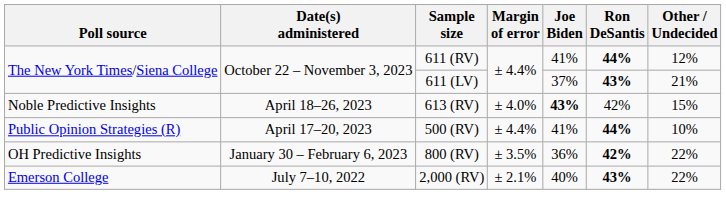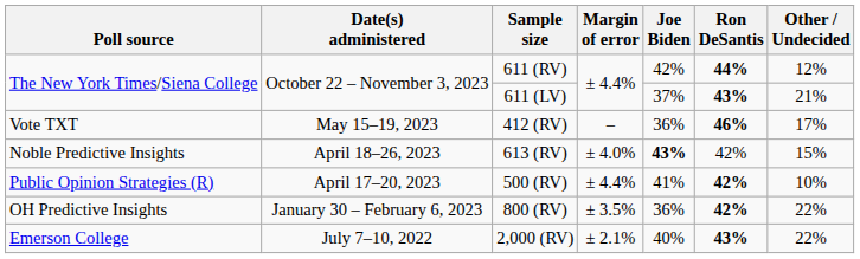 <table class="wikitable sortable mw-datatable" style="font-size:90%;text-align:center;line-height:17px">
 <tr valign=bottom>
 <th>Poll source</th>
 <th>Date(s)<br>administered</th>
 <th>Sample<br>size</th>
 <th>Margin<br>of error</th>
 <th class="unsortable">Joe<br>Biden<br></th>
 <th class="unsortable">Ron<br>DeSantis<br></th>
 <th class="unsortable">Other /<br>Undecided</th>
 </tr>
 <tr>
 <td style="text-align:left;" rowspan="2"><a href='#'>The New York Times</a>/<a href='#'>Siena College</a></td>
 <td rowspan="2">October 22 – November 3, 2023</td>
 <td>611 (RV)</td>
 <td rowspan="2">± 4.4%</td>
-<td>41%</td>
+<td>42%</td>
 <td style="background-color:"><strong>44%</strong></td>
 <td>12%</td>
 </tr>
 <tr>
 <td>611 (LV)</td>
 <td>37%</td>
 <td style="background-color:"><strong>43%</strong></td>
 <td>21%</td>
+</tr>
+<tr>
+<td style="text-align:left;">Vote TXT</td>
+<td>May 15–19, 2023</td>
+<td>412 (RV)</td>
+<td>–</td>
+<td>36%</td>
+<td style="background-color:"><strong>46%</strong></td>
+<td>17%</td>
 </tr>
 <tr>
 <td style="text-align:left;">Noble Predictive Insights</td>
 <td data-sort-value="2023-04-26">April 18–26, 2023</td>
 <td>613 (RV)</td>
 <td>± 4.0%</td>
 <td style="color:black;background-color:"><strong>43%</strong></td>
 <td>42%</td>
 <td>15%</td>
 </tr>
 <tr>
 <td style="text-align:left;"><a href='#'>Public Opinion Strategies (R)</a></td>
 <td data-sort-value="2023-04-20">April 17–20, 2023</td>
 <td>500 (RV)</td>
 <td>± 4.4%</td>
 <td>41%</td>
-<td style="background-color:"><strong>44%</strong></td>
+<td style="background-color:"><strong>42%</strong></td>
 <td>10%</td>
 </tr>
 <tr>
 <td style="text-align:left;">OH Predictive Insights</td>
 <td data-sort-value="2023-02-06">January 30 – February 6, 2023</td>
 <td>800 (RV)</td>
 <td>± 3.5%</td>
 <td>36%</td>
 <td style="background-color:"><strong>42%</strong></td>
 <td>22%</td>
 </tr>
 <tr>
 <td style="text-align:left;"><a href='#'>Emerson College</a></td>
 <td data-sort-value="2022-07-10">July 7–10, 2022</td>
 <td>2,000 (RV)</td>
 <td>± 2.1%</td>
 <td>40%</td>
 <td style="background-color:"><strong>43%</strong></td>
 <td>22%</td>
 </tr>
 </table>
